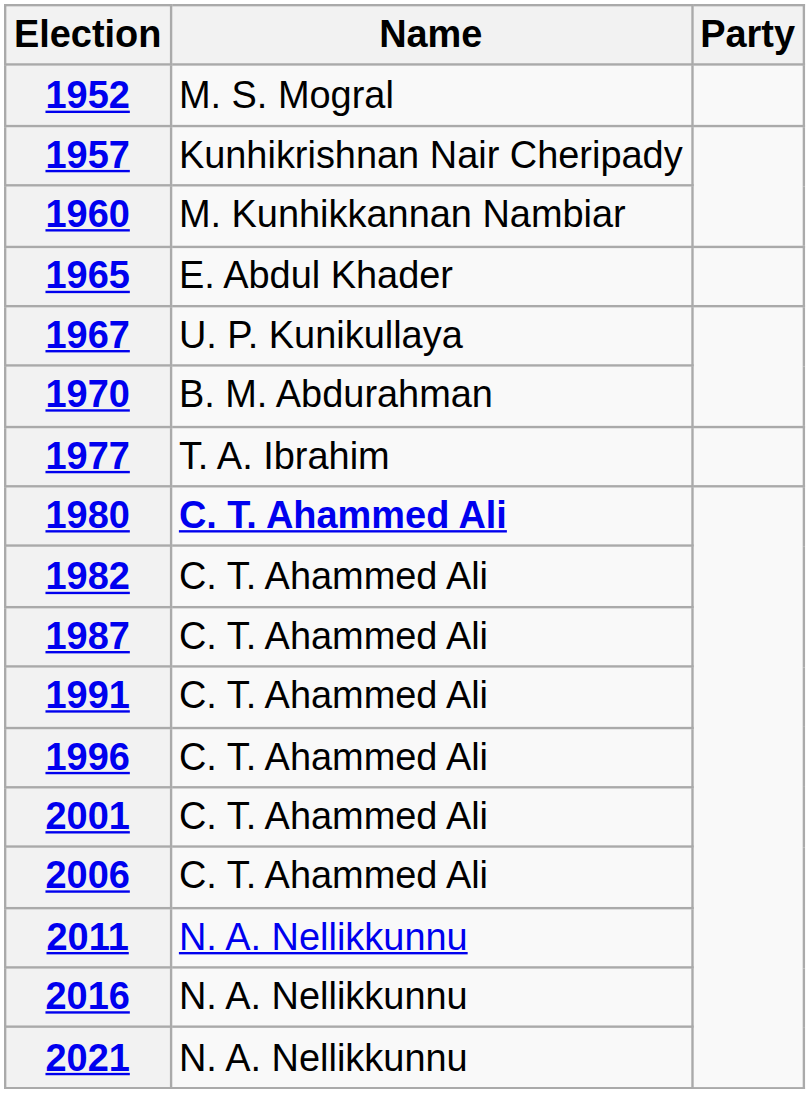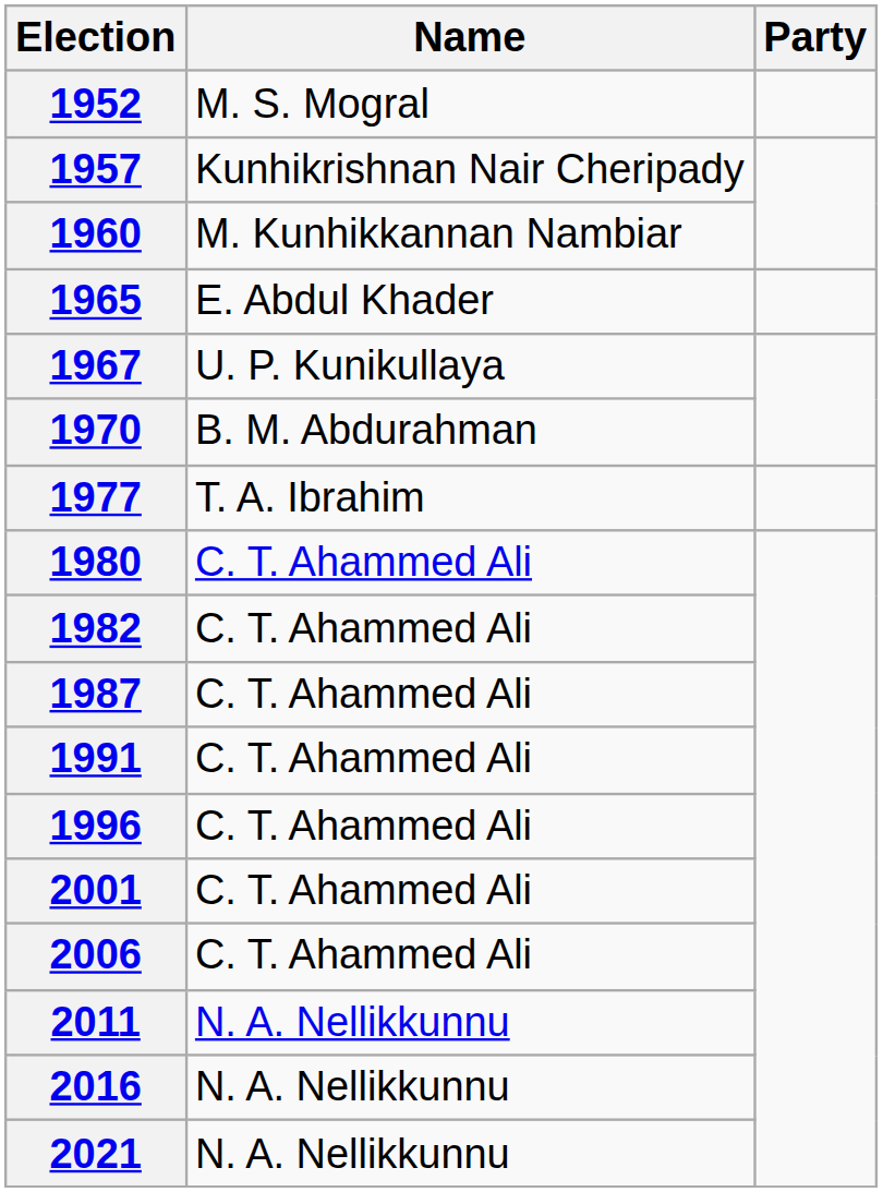 <table class="wikitable sortable">
 <tr>
 <th>Election</th>
 <th>Name</th>
 <th colspan=2>Party</th>
 </tr>
 <tr>
 <th><a href='#'>1952</a></th>
 <td>M. S. Mogral</td>
 <td></td>
 </tr>
 <tr>
 <th><a href='#'>1957</a></th>
 <td>Kunhikrishnan Nair Cheripady</td>
 </tr>
 <tr>
 <th><a href='#'>1960</a></th>
 <td>M. Kunhikkannan Nambiar</td>
 </tr>
 <tr>
 <th><a href='#'>1965</a></th>
 <td>E. Abdul Khader</td>
 <td></td>
 </tr>
 <tr>
 <th><a href='#'>1967</a></th>
 <td>U. P. Kunikullaya</td>
 </tr>
 <tr>
 <th><a href='#'>1970</a></th>
 <td>B. M. Abdurahman</td>
 </tr>
 <tr>
 <th><a href='#'>1977</a></th>
 <td>T. A. Ibrahim</td>
 <td></td>
 </tr>
 <tr>
 <th><a href='#'>1980</a></th>
-<td><strong><a href='#'>C. T. Ahammed Ali</a></strong></td>
+<td><a href='#'>C. T. Ahammed Ali</a></td>
 </tr>
 <tr>
 <th><a href='#'>1982</a></th>
 <td>C. T. Ahammed Ali</td>
 </tr>
 <tr>
 <th><a href='#'>1987</a></th>
 <td>C. T. Ahammed Ali</td>
 </tr>
 <tr>
 <th><a href='#'>1991</a></th>
 <td>C. T. Ahammed Ali</td>
 </tr>
 <tr>
 <th><a href='#'>1996</a></th>
 <td>C. T. Ahammed Ali</td>
 </tr>
 <tr>
 <th><a href='#'>2001</a></th>
 <td>C. T. Ahammed Ali</td>
 </tr>
 <tr>
 <th><a href='#'>2006</a></th>
 <td>C. T. Ahammed Ali</td>
 </tr>
 <tr>
 <th><a href='#'>2011</a></th>
 <td><a href='#'>N. A. Nellikkunnu</a></td>
 </tr>
 <tr>
 <th><a href='#'>2016</a></th>
 <td>N. A. Nellikkunnu</td>
 </tr>
 <tr>
 <th><a href='#'>2021</a></th>
 <td>N. A. Nellikkunnu</td>
 </tr>
 <tr>
 </tr>
 </table>
